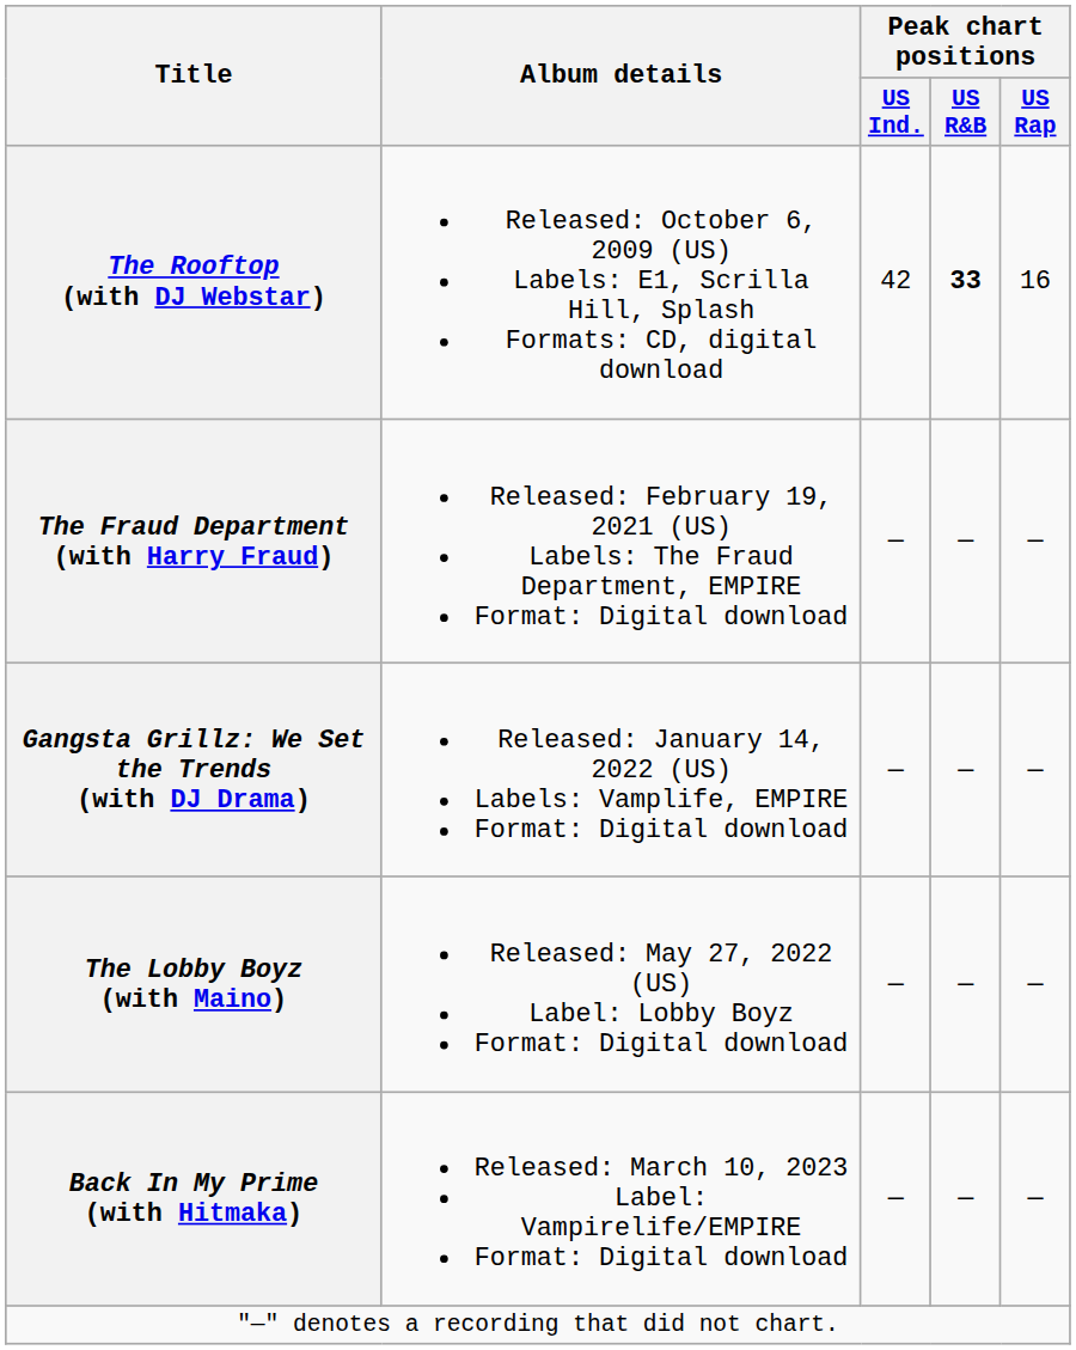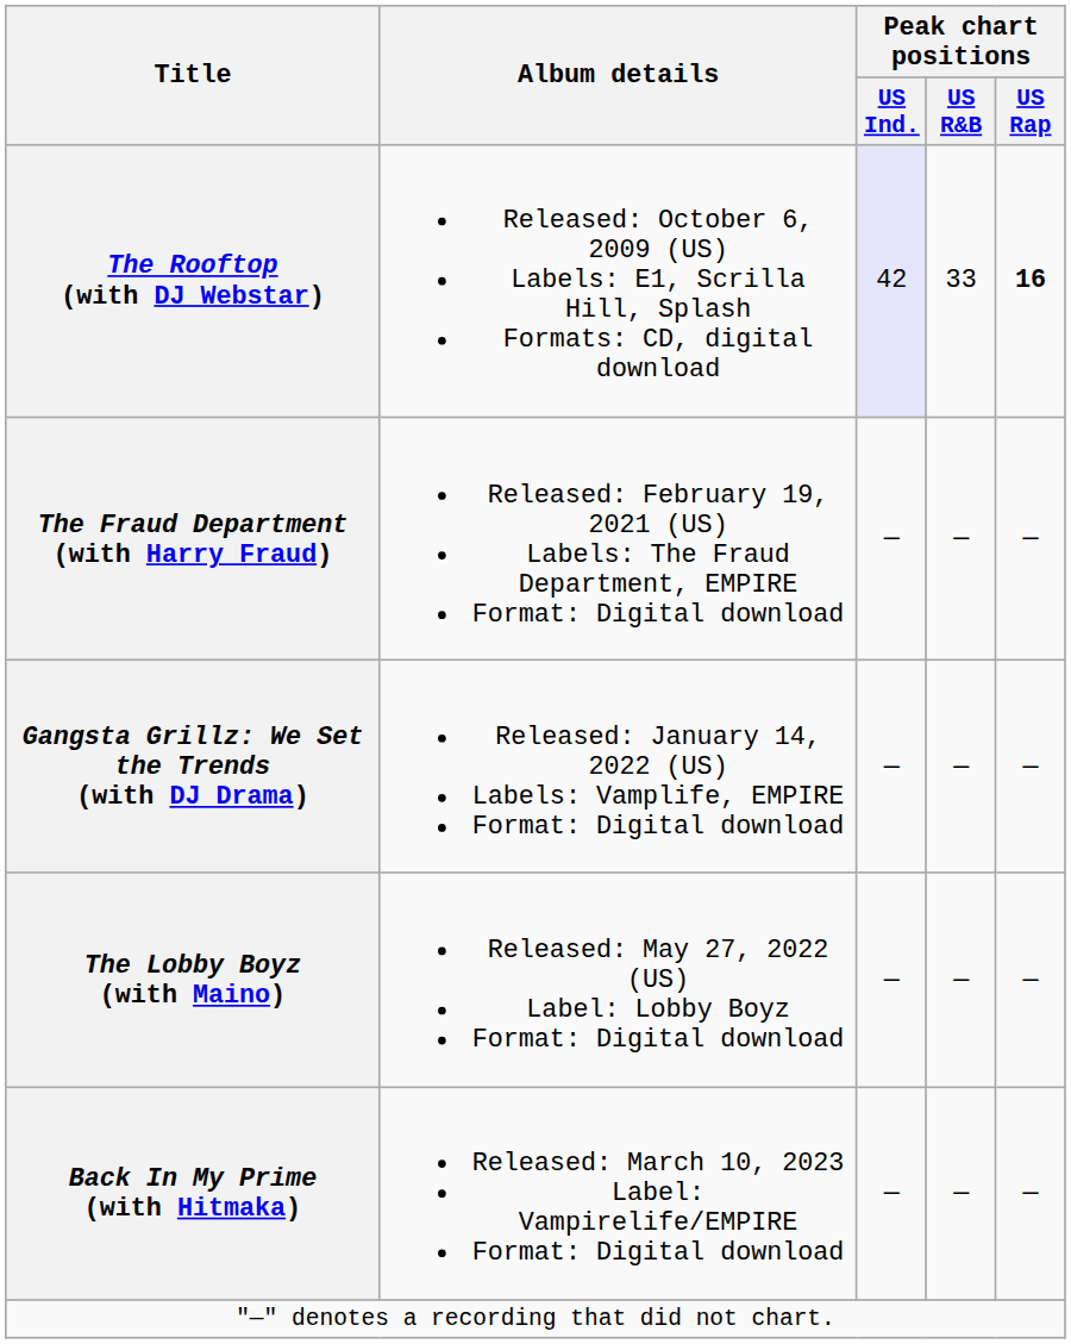 <table class="wikitable plainrowheaders" style="text-align:center;" border="1">
 <tr>
 <th scope="col" rowspan="2" style="width:14em;">Title</th>
 <th scope="col" rowspan="2" style="width:18em;">Album details</th>
 <th scope="col" colspan="3">Peak chart positions</th>
 </tr>
 <tr>
 <th scope="col" style="width:2.5em;font-size:90%;"><a href='#'>US<br>Ind.</a><br></th>
 <th scope="col" style="width:2.5em;font-size:90%;"><a href='#'>US<br>R&B</a><br></th>
 <th scope="col" style="width:2.5em;font-size:90%;"><a href='#'>US<br>Rap</a><br></th>
 </tr>
 <tr>
 <th scope="row"><em><a href='#'>The Rooftop</a></em><br><span>(with <a href='#'>DJ Webstar</a>)</span></th>
 <td><br><ul><li>Released: October 6, 2009 <span>(US)</span></li><li>Labels: E1, Scrilla Hill, Splash</li><li>Formats: CD, digital download</li></ul></td>
-<td>42</td>
-<td><strong>33</strong></td>
-<td>16</td>
+<td style="background: lavender;">42</td>
+<td>33</td>
+<td><strong>16</strong></td>
 </tr>
 <tr>
 <th scope="row"><em>The Fraud Department</em><br><span>(with <a href='#'>Harry Fraud</a>)</span></th>
 <td><br><ul><li>Released: February 19, 2021 <span>(US)</span></li><li>Labels: The Fraud Department, EMPIRE</li><li>Format: Digital download</li></ul></td>
 <td>—</td>
 <td>—</td>
 <td>—</td>
 </tr>
 <tr>
 <th scope="row"><em>Gangsta Grillz: We Set the Trends</em><br><span>(with <a href='#'>DJ Drama</a>)</span></th>
 <td><br><ul><li>Released: January 14, 2022 <span>(US)</span></li><li>Labels: Vamplife, EMPIRE</li><li>Format: Digital download</li></ul></td>
 <td>—</td>
 <td>—</td>
 <td>—</td>
 </tr>
 <tr>
 <th scope="row"><em>The Lobby Boyz</em><br><span>(with <a href='#'>Maino</a>)</span></th>
 <td><br><ul><li>Released: May 27, 2022 <span>(US)</span></li><li>Label: Lobby Boyz</li><li>Format: Digital download</li></ul></td>
 <td>—</td>
 <td>—</td>
 <td>—</td>
 </tr>
 <tr>
 <th scope="row"><em>Back In My Prime</em><br><span>(with <a href='#'>Hitmaka</a>)</span></th>
 <td><br><ul><li>Released: March 10, 2023</li><li>Label: Vampirelife/EMPIRE</li><li>Format: Digital download</li></ul></td>
 <td>—</td>
 <td>—</td>
 <td>—</td>
 </tr>
 <tr>
 <td colspan="14" style="font-size:90%">"—" denotes a recording that did not chart.</td>
 </tr>
 </table>
